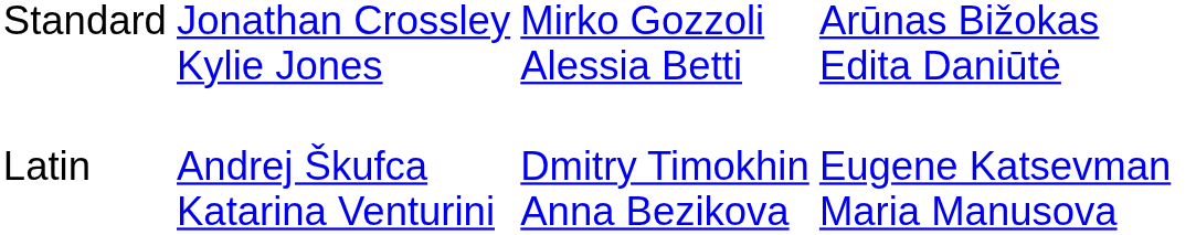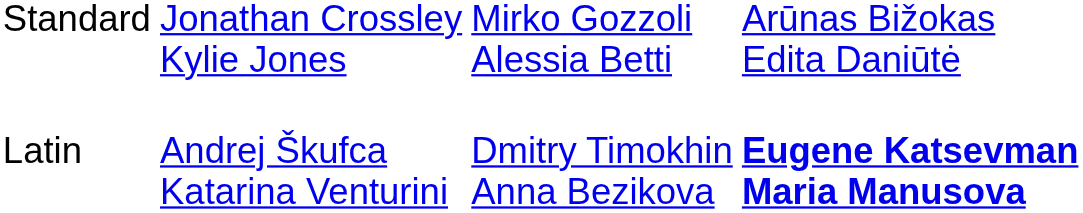 <table>
 <tr>
 <td>Standard<br></td>
 <td><br><a href='#'>Jonathan Crossley</a><br><a href='#'>Kylie Jones</a></td>
 <td><br><a href='#'>Mirko Gozzoli</a><br><a href='#'>Alessia Betti</a></td>
 <td><br><a href='#'>Arūnas Bižokas</a><br><a href='#'>Edita Daniūtė</a></td>
 </tr>
 <tr>
 <td>Latin<br></td>
 <td><br><a href='#'>Andrej Škufca</a><br><a href='#'>Katarina Venturini</a></td>
 <td><br><a href='#'>Dmitry Timokhin</a><br><a href='#'>Anna Bezikova</a></td>
-<td><br><a href='#'>Eugene Katsevman</a><br><a href='#'>Maria Manusova</a></td>
+<td><strong><br><a href='#'>Eugene Katsevman</a><br><a href='#'>Maria Manusova</a></strong></td>
 </tr>
 </table>
